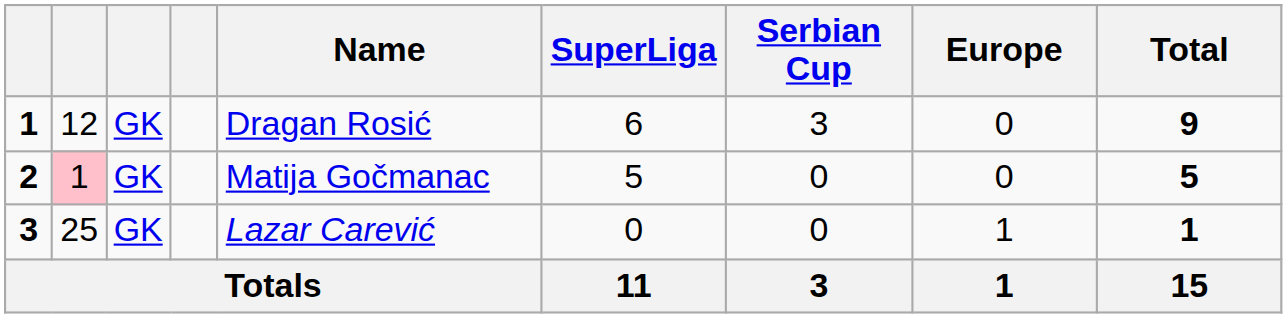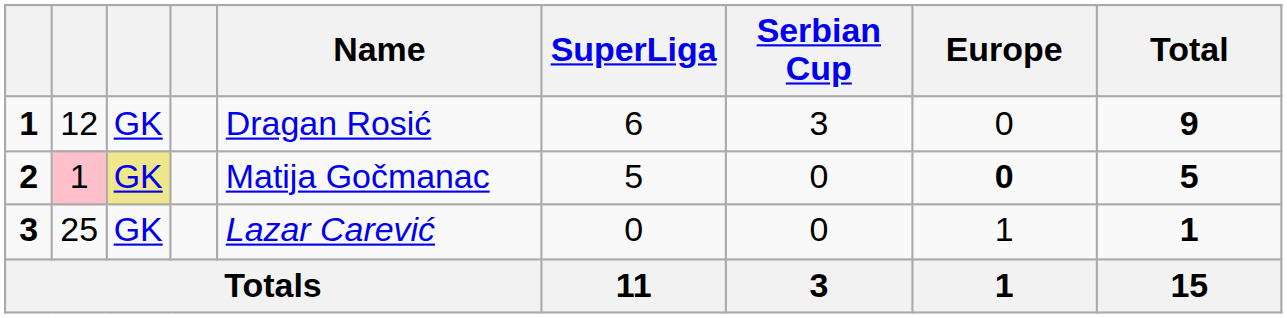 <table class="wikitable" style="text-align:center">
 <tr>
 <th width="15"></th>
 <th width="15"></th>
 <th width="15"></th>
 <th width="15"></th>
 <th width="145">Name</th>
 <th width="80"><a href='#'>SuperLiga</a></th>
 <th width="80"><a href='#'>Serbian Cup</a></th>
 <th width="80">Europe</th>
 <th width="80">Total</th>
 </tr>
 <tr>
 <td><strong>1</strong></td>
 <td>12</td>
 <td><a href='#'>GK</a></td>
 <td></td>
 <td align="left"><a href='#'>Dragan Rosić</a></td>
 <td>6</td>
 <td>3</td>
 <td>0</td>
 <td><strong>9</strong></td>
 </tr>
 <tr>
 <td><strong>2</strong></td>
 <td style="background: pink;">1</td>
-<td><a href='#'>GK</a></td>
+<td style="background: khaki;"><a href='#'>GK</a></td>
 <td></td>
 <td align="left"><a href='#'>Matija Gočmanac</a></td>
 <td>5</td>
 <td>0</td>
-<td>0</td>
+<td><strong>0</strong></td>
 <td><strong>5</strong></td>
 </tr>
 <tr>
 <td><strong>3</strong></td>
 <td>25</td>
 <td><a href='#'>GK</a></td>
 <td></td>
 <td align="left"><em><a href='#'>Lazar Carević</a></em></td>
 <td>0</td>
 <td>0</td>
 <td>1</td>
 <td><strong>1</strong></td>
 </tr>
 <tr>
 <th colspan="5">Totals</th>
 <th>11</th>
 <th>3</th>
 <th>1</th>
 <th>15</th>
 </tr>
 </table>
